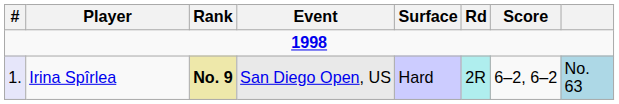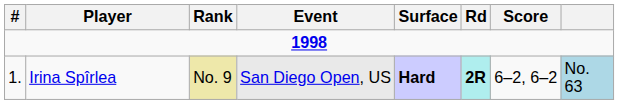 <table class="wikitable">
 <tr>
 <th>#</th>
 <th width=155>Player</th>
 <th width=30>Rank</th>
 <th>Event</th>
 <th>Surface</th>
 <th>Rd</th>
 <th>Score</th>
 <th width=45></th>
 </tr>
 <tr>
 <td colspan=8 style=text-align:center><strong><a href='#'>1998</a></strong></td>
 </tr>
 <tr>
-<td style="background: lavender;">1.</td>
+<td>1.</td>
 <td> <a href='#'>Irina Spîrlea</a></td>
-<td bgcolor=EEE8AA><strong>No. 9</strong></td>
+<td bgcolor=EEE8AA>No. 9</td>
 <td bgcolor=#e9e9e9><a href='#'>San Diego Open</a>, US</td>
-<td bgcolor=CCCCFF>Hard</td>
-<td bgcolor=afeeee>2R</td>
+<td bgcolor=CCCCFF><strong>Hard</strong></td>
+<td bgcolor=afeeee><strong>2R</strong></td>
 <td>6–2, 6–2</td>
 <td style="background: lightblue;">No. 63</td>
 </tr>
 </table>
